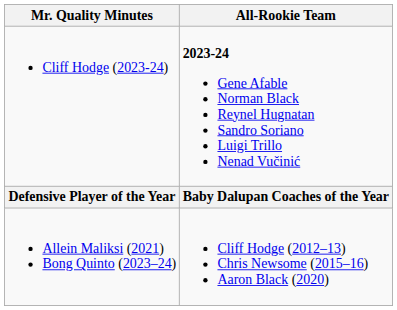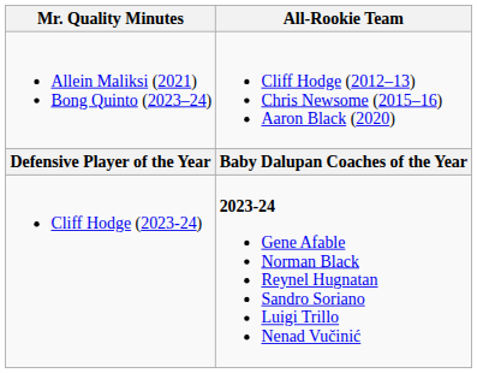 <table class=wikitable>
 <tr>
 <th>Mr. Quality Minutes</th>
 <th>All-Rookie Team</th>
 </tr>
 <tr>
-<td valign="top"><br><ul><li><a href='#'>Cliff Hodge</a> (<a href='#'>2023-24</a>)</li></ul></td>
-<td valign="top"><br><strong>2023-24</strong><ul><li><a href='#'>Gene Afable</a></li><li><a href='#'>Norman Black</a></li><li><a href='#'>Reynel Hugnatan</a></li><li><a href='#'>Sandro Soriano</a></li><li><a href='#'>Luigi Trillo</a></li><li><a href='#'>Nenad Vučinić</a></li></ul></td>
+<td valign="top"><br><ul><li><a href='#'>Allein Maliksi</a> (<a href='#'>2021</a>)</li><li><a href='#'>Bong Quinto</a> (<a href='#'>2023–24</a>)</li></ul></td>
+<td valign="top"><br><ul><li><a href='#'>Cliff Hodge</a> (<a href='#'>2012–13</a>)</li><li><a href='#'>Chris Newsome</a> (<a href='#'>2015–16</a>)</li><li><a href='#'>Aaron Black</a> (<a href='#'>2020</a>)</li></ul></td>
 </tr>
 <tr>
 <th>Defensive Player of the Year</th>
 <th>Baby Dalupan Coaches of the Year</th>
 </tr>
 <tr>
-<td valign="top"><br><ul><li><a href='#'>Allein Maliksi</a> (<a href='#'>2021</a>)</li><li><a href='#'>Bong Quinto</a> (<a href='#'>2023–24</a>)</li></ul></td>
-<td valign="top"><br><ul><li><a href='#'>Cliff Hodge</a> (<a href='#'>2012–13</a>)</li><li><a href='#'>Chris Newsome</a> (<a href='#'>2015–16</a>)</li><li><a href='#'>Aaron Black</a> (<a href='#'>2020</a>)</li></ul></td>
+<td valign="top"><br><ul><li><a href='#'>Cliff Hodge</a> (<a href='#'>2023-24</a>)</li></ul></td>
+<td valign="top"><br><strong>2023-24</strong><ul><li><a href='#'>Gene Afable</a></li><li><a href='#'>Norman Black</a></li><li><a href='#'>Reynel Hugnatan</a></li><li><a href='#'>Sandro Soriano</a></li><li><a href='#'>Luigi Trillo</a></li><li><a href='#'>Nenad Vučinić</a></li></ul></td>
 </tr>
 </table>
